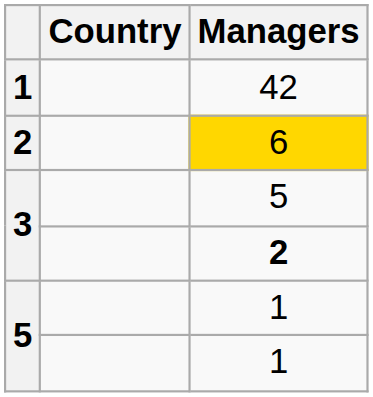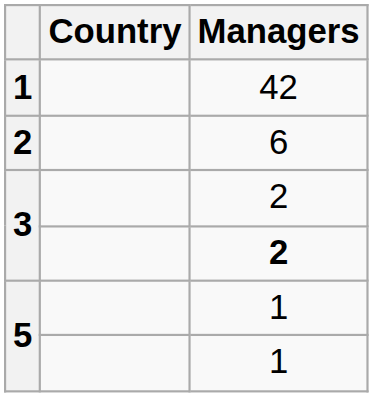 <table class="wikitable" style="text-align:center">
 <tr>
 <th></th>
 <th>Country</th>
 <th>Managers</th>
 </tr>
 <tr>
 <th>1</th>
 <td align=left></td>
 <td>42</td>
 </tr>
 <tr>
 <th>2</th>
 <td align=left></td>
-<td style="background: gold;">6</td>
+<td>6</td>
 </tr>
 <tr>
 <th rowspan=2>3</th>
 <td align=left></td>
-<td>5</td>
+<td>2</td>
 </tr>
 <tr>
 <td align=left></td>
 <td><strong>2</strong></td>
 </tr>
 <tr>
 <th rowspan=2>5</th>
 <td align=left></td>
 <td>1</td>
 </tr>
 <tr>
 <td align=left></td>
 <td>1</td>
 </tr>
 </table>
